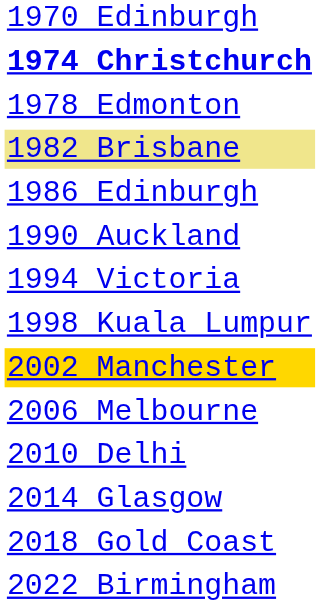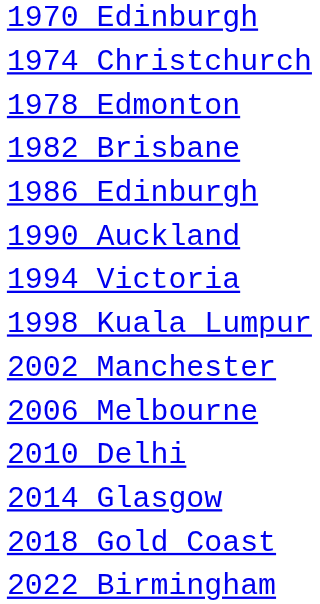 <table>
 <tr>
 <td><a href='#'>1970 Edinburgh</a><br></td>
 <td></td>
 <td></td>
 <td></td>
 </tr>
 <tr>
-<td><strong><a href='#'>1974 Christchurch</a><br></strong></td>
+<td><a href='#'>1974 Christchurch</a><br></td>
 <td></td>
 <td></td>
 <td></td>
 </tr>
 <tr>
 <td><a href='#'>1978 Edmonton</a><br></td>
 <td></td>
 <td></td>
 <td></td>
 </tr>
 <tr>
-<td style="background: khaki;"><a href='#'>1982 Brisbane</a><br></td>
+<td><a href='#'>1982 Brisbane</a><br></td>
 <td></td>
 <td></td>
 <td></td>
 </tr>
 <tr>
 <td><a href='#'>1986 Edinburgh</a><br></td>
 <td></td>
 <td></td>
 <td></td>
 </tr>
 <tr>
 <td><a href='#'>1990 Auckland</a><br></td>
 <td></td>
 <td></td>
 <td></td>
 </tr>
 <tr>
 <td><a href='#'>1994 Victoria</a><br></td>
 <td></td>
 <td></td>
 <td></td>
 </tr>
 <tr>
 <td><a href='#'>1998 Kuala Lumpur</a><br></td>
 <td></td>
 <td></td>
 <td></td>
 </tr>
 <tr>
-<td style="background: gold;"><a href='#'>2002 Manchester</a><br></td>
+<td><a href='#'>2002 Manchester</a><br></td>
 <td></td>
 <td></td>
 <td><br></td>
 </tr>
 <tr>
 <td><a href='#'>2006 Melbourne</a><br></td>
 <td></td>
 <td></td>
 <td></td>
 </tr>
 <tr>
 <td><a href='#'>2010 Delhi</a><br></td>
 <td></td>
 <td></td>
 <td></td>
 </tr>
 <tr>
 <td><a href='#'>2014 Glasgow</a><br></td>
 <td></td>
 <td></td>
 <td></td>
 </tr>
 <tr>
 <td><a href='#'>2018 Gold Coast</a><br></td>
 <td></td>
 <td></td>
 <td></td>
 </tr>
 <tr>
 <td><a href='#'>2022 Birmingham</a><br></td>
 <td></td>
 <td></td>
 <td></td>
 </tr>
 </table>
